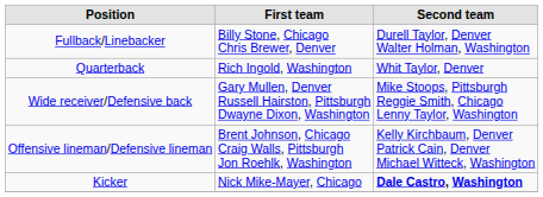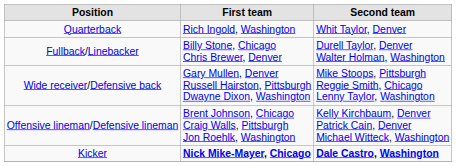 <table class="wikitable">
 <tr>
 <th style="background:#e3e3e3;">Position</th>
 <th style="background:#e3e3e3;">First team</th>
 <th style="background:#e3e3e3;">Second team</th>
 </tr>
 <tr>
+<td align=center><a href='#'>Quarterback</a></td>
+<td><a href='#'>Rich Ingold</a>, <a href='#'>Washington</a></td>
+<td><a href='#'>Whit Taylor</a>, <a href='#'>Denver</a></td>
+</tr>
+<tr>
 <td align=center><a href='#'>Fullback</a>/<a href='#'>Linebacker</a></td>
 <td><a href='#'>Billy Stone</a>, <a href='#'>Chicago</a><br><a href='#'>Chris Brewer</a>, <a href='#'>Denver</a></td>
 <td><a href='#'>Durell Taylor</a>, <a href='#'>Denver</a><br><a href='#'>Walter Holman</a>, <a href='#'>Washington</a></td>
-</tr>
-<tr>
-<td align=center><a href='#'>Quarterback</a></td>
-<td><a href='#'>Rich Ingold</a>, <a href='#'>Washington</a></td>
-<td><a href='#'>Whit Taylor</a>, <a href='#'>Denver</a></td>
 </tr>
 <tr>
 <td align=center><a href='#'>Wide receiver</a>/<a href='#'>Defensive back</a></td>
 <td><a href='#'>Gary Mullen</a>, <a href='#'>Denver</a><br><a href='#'>Russell Hairston</a>, <a href='#'>Pittsburgh</a><br><a href='#'>Dwayne Dixon</a>, <a href='#'>Washington</a></td>
 <td><a href='#'>Mike Stoops</a>, <a href='#'>Pittsburgh</a><br><a href='#'>Reggie Smith</a>, <a href='#'>Chicago</a><br><a href='#'>Lenny Taylor</a>, <a href='#'>Washington</a></td>
 </tr>
 <tr>
 <td align=center><a href='#'>Offensive lineman</a>/<a href='#'>Defensive lineman</a></td>
 <td><a href='#'>Brent Johnson</a>, <a href='#'>Chicago</a><br><a href='#'>Craig Walls</a>, <a href='#'>Pittsburgh</a><br><a href='#'>Jon Roehlk</a>, <a href='#'>Washington</a></td>
 <td><a href='#'>Kelly Kirchbaum</a>, <a href='#'>Denver</a><br><a href='#'>Patrick Cain</a>, <a href='#'>Denver</a><br><a href='#'>Michael Witteck</a>, <a href='#'>Washington</a></td>
 </tr>
 <tr>
 <td align=center><a href='#'>Kicker</a></td>
-<td><a href='#'>Nick Mike-Mayer</a>, <a href='#'>Chicago</a></td>
+<td><strong><a href='#'>Nick Mike-Mayer</a>, <a href='#'>Chicago</a></strong></td>
 <td><strong><a href='#'>Dale Castro</a>, <a href='#'>Washington</a></strong></td>
 </tr>
 <tr>
 </tr>
 </table>
